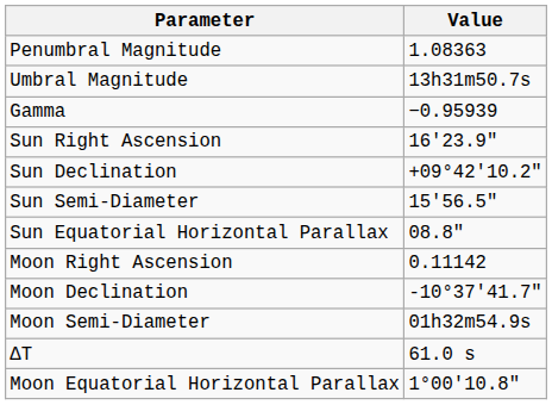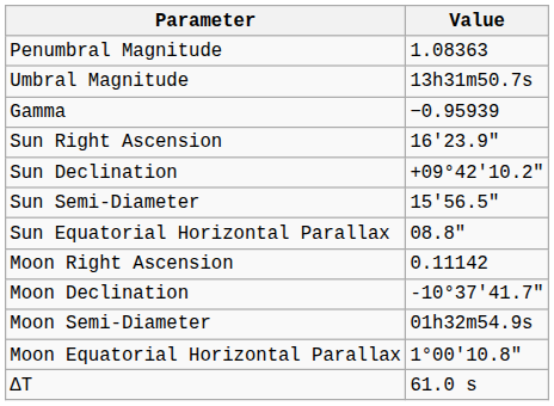 <table class="wikitable">
 <tr>
 <th>Parameter</th>
 <th>Value</th>
 </tr>
 <tr>
 <td>Penumbral Magnitude</td>
 <td>1.08363</td>
 </tr>
 <tr>
 <td>Umbral Magnitude</td>
 <td>13h31m50.7s</td>
 </tr>
 <tr>
 <td>Gamma</td>
 <td>−0.95939</td>
 </tr>
 <tr>
 <td>Sun Right Ascension</td>
 <td>16'23.9"</td>
 </tr>
 <tr>
 <td>Sun Declination</td>
 <td>+09°42'10.2"</td>
 </tr>
 <tr>
 <td>Sun Semi-Diameter</td>
 <td>15'56.5"</td>
 </tr>
 <tr>
 <td>Sun Equatorial Horizontal Parallax</td>
 <td>08.8"</td>
 </tr>
 <tr>
 <td>Moon Right Ascension</td>
 <td>0.11142</td>
 </tr>
 <tr>
 <td>Moon Declination</td>
 <td>-10°37'41.7"</td>
 </tr>
 <tr>
 <td>Moon Semi-Diameter</td>
 <td>01h32m54.9s</td>
 </tr>
 <tr>
+<td>Moon Equatorial Horizontal Parallax</td>
+<td>1°00'10.8"</td>
+</tr>
+<tr>
 <td>ΔT</td>
 <td>61.0 s</td>
 </tr>
-<tr>
-<td>Moon Equatorial Horizontal Parallax</td>
-<td>1°00'10.8"</td>
-</tr>
 </table>
